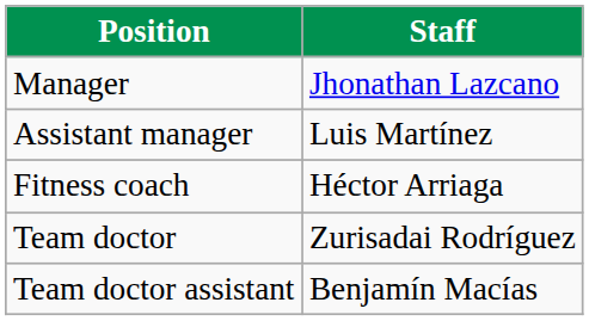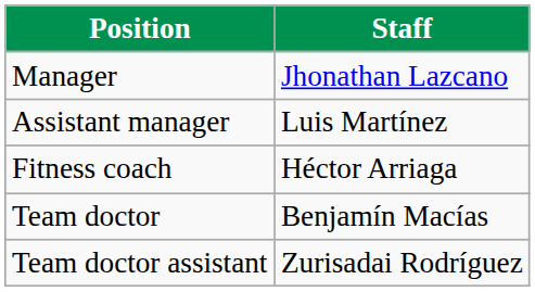 <table class="wikitable">
 <tr>
 <th style=background-color:#009150;color:white>Position</th>
 <th style=background-color:#009150;color:white>Staff</th>
 </tr>
 <tr>
 <td>Manager</td>
 <td> <a href='#'>Jhonathan Lazcano</a></td>
 </tr>
 <tr>
 <td>Assistant manager</td>
 <td> Luis Martínez</td>
 </tr>
 <tr>
 <td>Fitness coach</td>
 <td> Héctor Arriaga</td>
 </tr>
 <tr>
 <td>Team doctor</td>
-<td> Zurisadai Rodríguez</td>
+<td> Benjamín Macías</td>
 </tr>
 <tr>
 <td>Team doctor assistant</td>
-<td> Benjamín Macías</td>
+<td> Zurisadai Rodríguez</td>
 </tr>
 </table>
